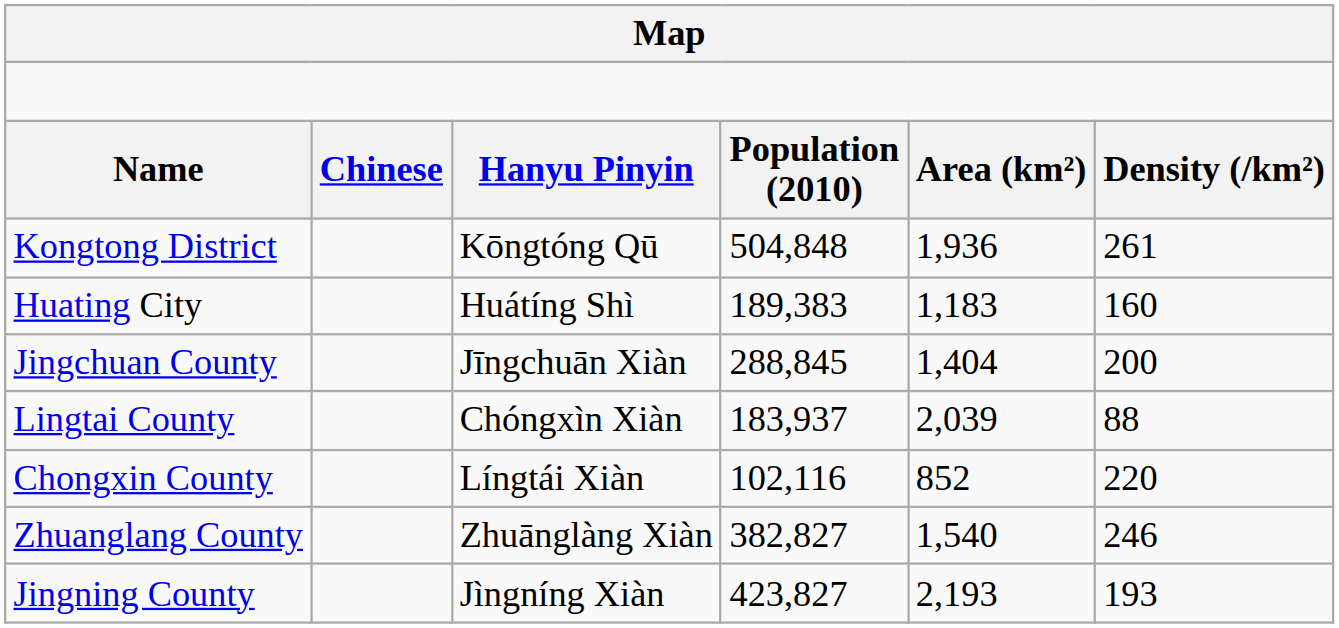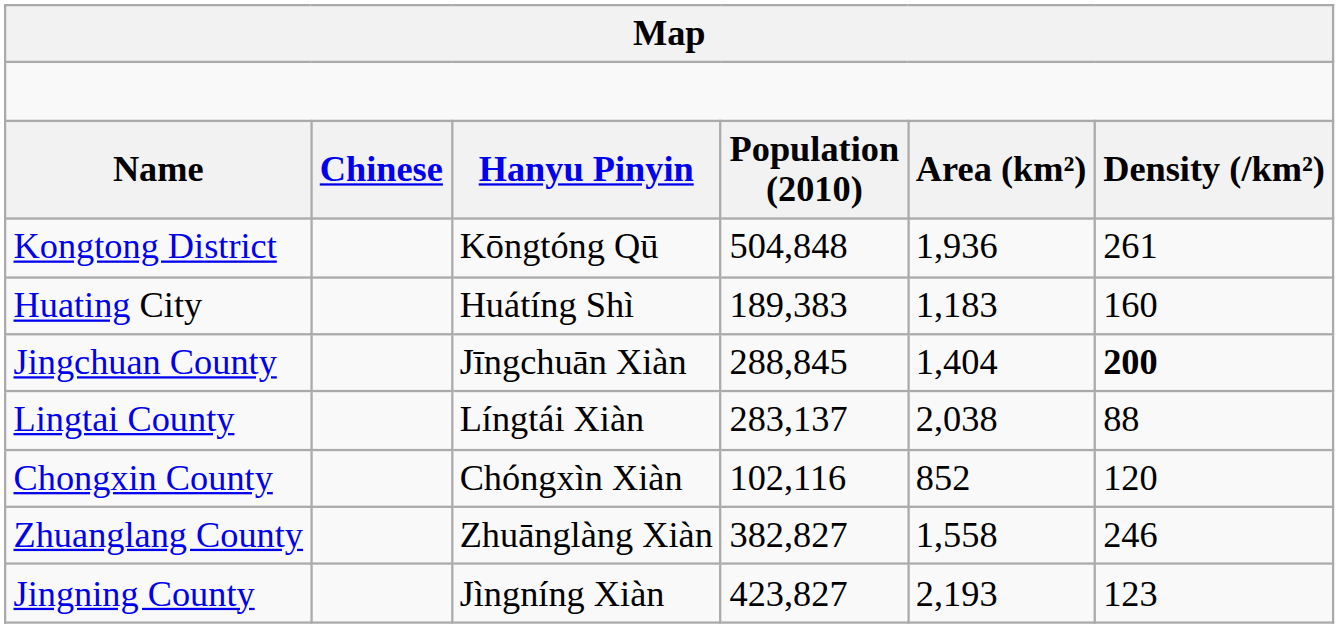 <table class="wikitable">
 <tr>
 <th colspan="7">Map</th>
 </tr>
 <tr>
 <td colspan="7"><div><br>          </div></td>
 </tr>
 <tr>
 <th>Name</th>
 <th><a href='#'>Chinese</a></th>
 <th><a href='#'>Hanyu Pinyin</a></th>
 <th>Population<br>(2010)</th>
 <th>Area (km²)</th>
 <th>Density (/km²)</th>
 </tr>
 <tr>
 <td><a href='#'>Kongtong District</a></td>
 <td></td>
 <td>Kōngtóng Qū</td>
 <td>504,848</td>
 <td>1,936</td>
 <td>261</td>
 </tr>
 <tr>
 <td><a href='#'>Huating</a> City</td>
 <td></td>
 <td>Huátíng Shì</td>
 <td>189,383</td>
 <td>1,183</td>
 <td>160</td>
 </tr>
 <tr>
 <td><a href='#'>Jingchuan County</a></td>
 <td></td>
 <td>Jīngchuān Xiàn</td>
 <td>288,845</td>
 <td>1,404</td>
-<td>200</td>
+<td><strong>200</strong></td>
 </tr>
 <tr>
 <td><a href='#'>Lingtai County</a></td>
 <td></td>
-<td>Chóngxìn Xiàn</td>
-<td>183,937</td>
-<td>2,039</td>
+<td>Língtái Xiàn</td>
+<td>283,137</td>
+<td>2,038</td>
 <td>88</td>
 </tr>
 <tr>
 <td><a href='#'>Chongxin County</a></td>
 <td></td>
-<td>Língtái Xiàn</td>
+<td>Chóngxìn Xiàn</td>
 <td>102,116</td>
 <td>852</td>
-<td>220</td>
+<td>120</td>
 </tr>
 <tr>
 <td><a href='#'>Zhuanglang County</a></td>
 <td></td>
 <td>Zhuānglàng Xiàn</td>
 <td>382,827</td>
-<td>1,540</td>
+<td>1,558</td>
 <td>246</td>
 </tr>
 <tr>
 <td><a href='#'>Jingning County</a></td>
 <td></td>
 <td>Jìngníng Xiàn</td>
 <td>423,827</td>
 <td>2,193</td>
-<td>193</td>
+<td>123</td>
 </tr>
 </table>
